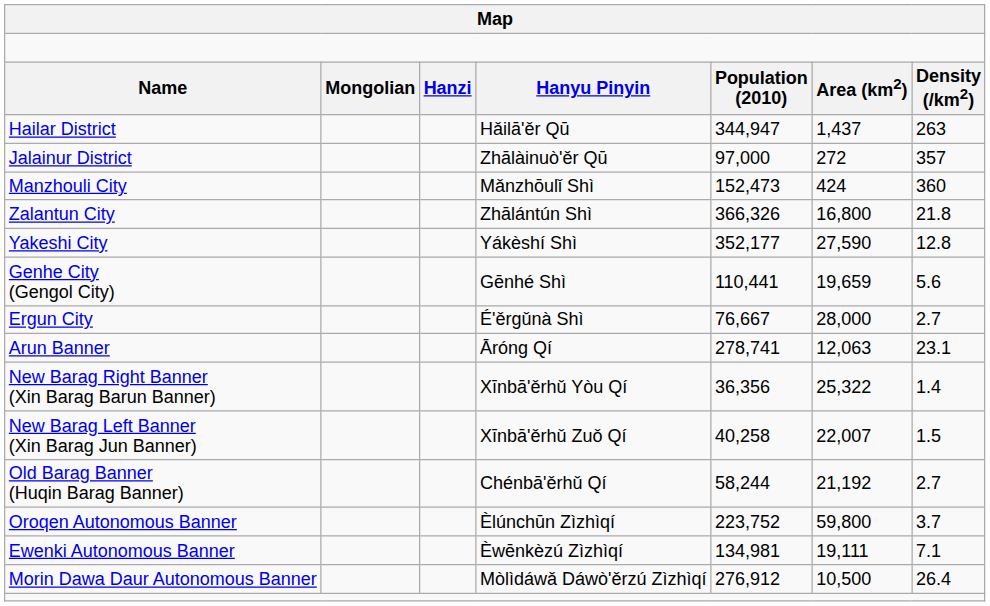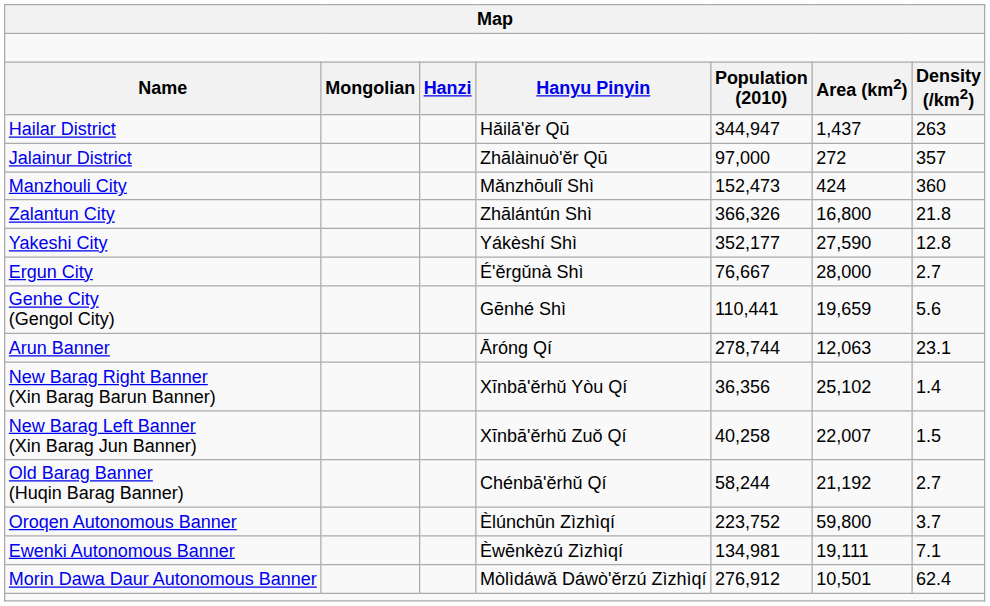 <table class="wikitable sortable" style="font-size:90%;" align="center">
 <tr>
 <th colspan="7" align="center">Map</th>
 </tr>
 <tr>
 <td colspan="7" align="left"><br><div>                          </div></td>
 </tr>
 <tr>
 <th>Name</th>
 <th>Mongolian</th>
 <th><a href='#'>Hanzi</a></th>
 <th><a href='#'>Hanyu Pinyin</a></th>
 <th>Population<br>(2010)</th>
 <th>Area (km<sup>2</sup>)</th>
 <th>Density<br>(/km<sup>2</sup>)</th>
 </tr>
 <tr --------->
 <td><a href='#'>Hailar District</a></td>
 <td><br></td>
 <td></td>
 <td>Hǎilā'ěr Qū</td>
 <td>344,947</td>
 <td>1,437</td>
 <td>263</td>
 </tr>
 <tr --------->
 <td><a href='#'>Jalainur District</a></td>
 <td><br></td>
 <td></td>
 <td>Zhālàinuò'ěr Qū</td>
 <td>97,000</td>
 <td>272</td>
 <td>357</td>
 </tr>
 <tr --------->
 <td><a href='#'>Manzhouli City</a></td>
 <td><br></td>
 <td></td>
 <td>Mǎnzhōulǐ Shì</td>
 <td>152,473</td>
 <td>424</td>
 <td>360</td>
 </tr>
 <tr --------->
 <td><a href='#'>Zalantun City</a></td>
 <td><br></td>
 <td></td>
 <td>Zhālántún Shì</td>
 <td>366,326</td>
 <td>16,800</td>
 <td>21.8</td>
 </tr>
 <tr --------->
 <td><a href='#'>Yakeshi City</a></td>
 <td><br></td>
 <td></td>
 <td>Yákèshí Shì</td>
 <td>352,177</td>
 <td>27,590</td>
 <td>12.8</td>
 </tr>
 <tr --------->
+<td><a href='#'>Ergun City</a></td>
+<td><br></td>
+<td></td>
+<td>É'ěrgǔnà Shì</td>
+<td>76,667</td>
+<td>28,000</td>
+<td>2.7</td>
+</tr>
+<tr --------->
 <td><a href='#'>Genhe City</a><br>(Gengol City)</td>
 <td><br></td>
 <td></td>
 <td>Gēnhé Shì</td>
 <td>110,441</td>
 <td>19,659</td>
 <td>5.6</td>
 </tr>
 <tr --------->
-<td><a href='#'>Ergun City</a></td>
-<td><br></td>
-<td></td>
-<td>É'ěrgǔnà Shì</td>
-<td>76,667</td>
-<td>28,000</td>
-<td>2.7</td>
-</tr>
-<tr --------->
 <td><a href='#'>Arun Banner</a></td>
 <td><br></td>
 <td></td>
 <td>Āróng Qí</td>
-<td>278,741</td>
+<td>278,744</td>
 <td>12,063</td>
 <td>23.1</td>
 </tr>
 <tr --------->
 <td><a href='#'>New Barag Right Banner</a><br>(Xin Barag Barun Banner)</td>
 <td><br></td>
 <td></td>
 <td>Xīnbā'ěrhǔ Yòu Qí</td>
 <td>36,356</td>
-<td>25,322</td>
+<td>25,102</td>
 <td>1.4</td>
 </tr>
 <tr --------->
 <td><a href='#'>New Barag Left Banner</a><br>(Xin Barag Jun Banner)</td>
 <td><br></td>
 <td></td>
 <td>Xīnbā'ěrhǔ Zuǒ Qí</td>
 <td>40,258</td>
 <td>22,007</td>
 <td>1.5</td>
 </tr>
 <tr --------->
 <td><a href='#'>Old Barag Banner</a><br>(Huqin Barag Banner)</td>
 <td><br></td>
 <td></td>
 <td>Chénbā'ěrhǔ Qí</td>
 <td>58,244</td>
 <td>21,192</td>
 <td>2.7</td>
 </tr>
 <tr --------->
 <td><a href='#'>Oroqen Autonomous Banner</a></td>
 <td><br></td>
 <td></td>
 <td>Èlúnchūn Zìzhìqí</td>
 <td>223,752</td>
 <td>59,800</td>
 <td>3.7</td>
 </tr>
 <tr --------->
 <td><a href='#'>Ewenki Autonomous Banner</a></td>
 <td><br></td>
 <td></td>
 <td>Èwēnkèzú Zìzhìqí</td>
 <td>134,981</td>
 <td>19,111</td>
 <td>7.1</td>
 </tr>
 <tr --------->
 <td><a href='#'>Morin Dawa Daur Autonomous Banner</a></td>
 <td><br></td>
 <td></td>
 <td>Mòlìdáwǎ Dáwò'ěrzú Zìzhìqí</td>
 <td>276,912</td>
-<td>10,500</td>
-<td>26.4</td>
+<td>10,501</td>
+<td>62.4</td>
 </tr>
 <tr --------->
 <td colspan="7" align="center"></td>
 </tr>
 </table>
